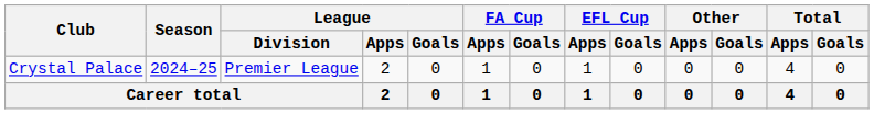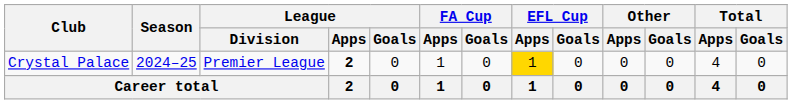 <table class="wikitable" style="text-align: center;">
 <tr>
 <th rowspan="2">Club</th>
 <th rowspan="2">Season</th>
 <th colspan="3">League</th>
 <th colspan="2"><a href='#'>FA Cup</a></th>
 <th colspan="2"><a href='#'>EFL Cup</a></th>
 <th colspan="2">Other</th>
 <th colspan="2">Total</th>
 </tr>
 <tr>
 <th>Division</th>
 <th>Apps</th>
 <th>Goals</th>
 <th>Apps</th>
 <th>Goals</th>
 <th>Apps</th>
 <th>Goals</th>
 <th>Apps</th>
 <th>Goals</th>
 <th>Apps</th>
 <th>Goals</th>
 </tr>
 <tr>
 <td><a href='#'>Crystal Palace</a></td>
 <td><a href='#'>2024–25</a></td>
 <td><a href='#'>Premier League</a></td>
-<td>2</td>
+<td><strong>2</strong></td>
 <td>0</td>
 <td>1</td>
 <td>0</td>
-<td>1</td>
+<td style="background: gold;">1</td>
 <td>0</td>
 <td>0</td>
 <td>0</td>
 <td>4</td>
 <td>0</td>
 </tr>
 <tr>
 <th colspan="3">Career total</th>
 <th>2</th>
 <th>0</th>
 <th>1</th>
 <th>0</th>
 <th>1</th>
 <th>0</th>
 <th>0</th>
 <th>0</th>
 <th>4</th>
 <th>0</th>
 </tr>
 </table>
